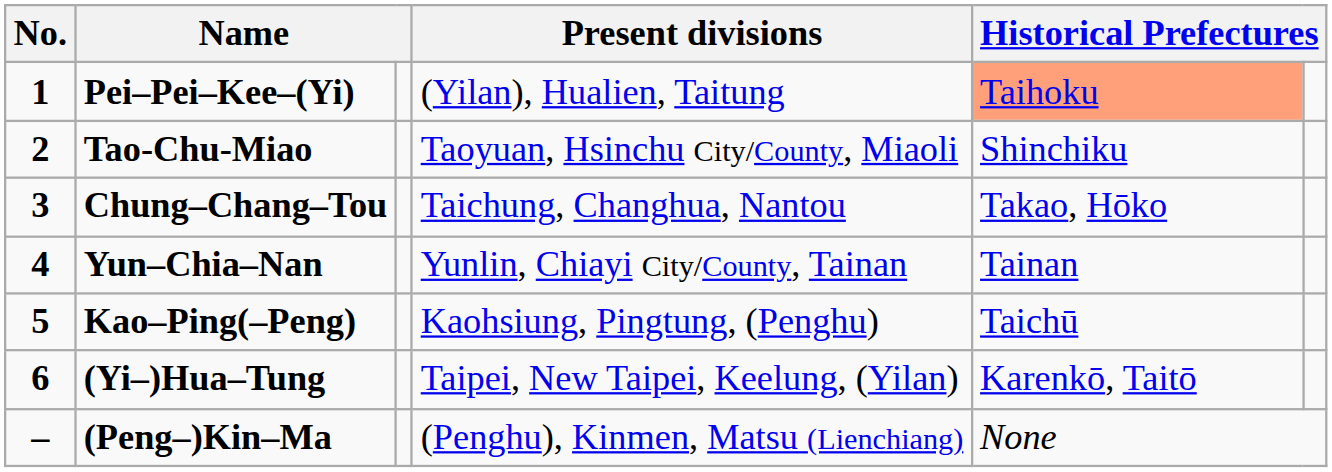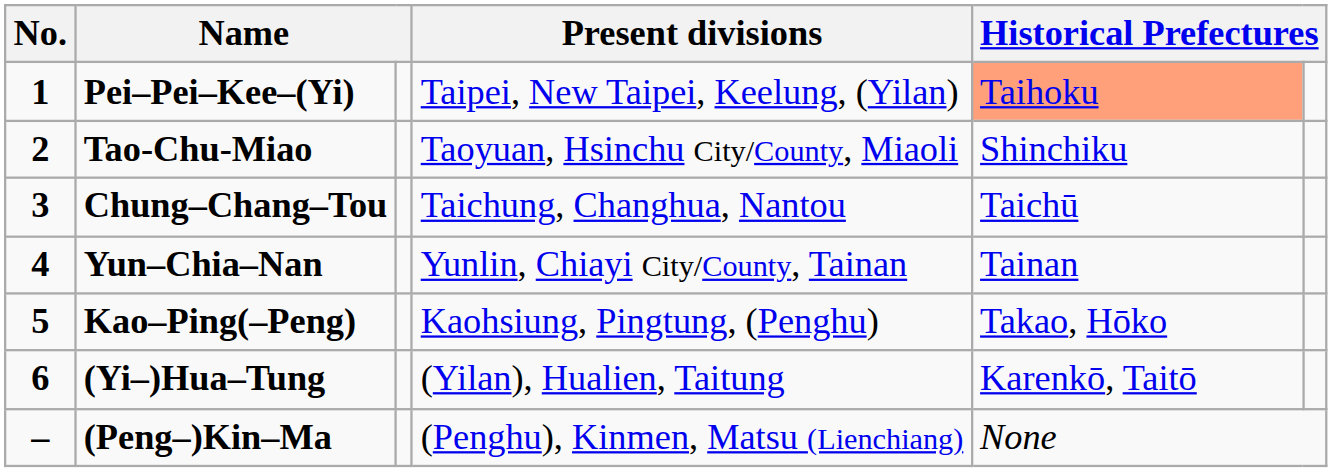 <table class=wikitable>
 <tr>
 <th>No.</th>
 <th colspan=2>Name</th>
 <th>Present divisions</th>
 <th colspan=2><a href='#'>Historical Prefectures</a></th>
 </tr>
 <tr>
 <td align=center><strong>1</strong></td>
 <td><strong>Pei–Pei–Kee–(Yi)</strong></td>
 <td align=center><span></span></td>
-<td>(<a href='#'>Yilan</a>), <a href='#'>Hualien</a>, <a href='#'>Taitung</a></td>
+<td><a href='#'>Taipei</a>, <a href='#'>New Taipei</a>, <a href='#'>Keelung</a>, (<a href='#'>Yilan</a>)</td>
 <td style="background: lightsalmon;"><a href='#'>Taihoku</a></td>
 <td align=center></td>
 </tr>
 <tr>
 <td align=center><strong>2</strong></td>
 <td><strong>Tao-Chu-Miao</strong></td>
 <td align=center><span></span></td>
 <td><a href='#'>Taoyuan</a>, <a href='#'>Hsinchu</a> <small>City/<a href='#'>County</a></small>, <a href='#'>Miaoli</a></td>
 <td><a href='#'>Shinchiku</a></td>
 <td align=center></td>
 </tr>
 <tr>
 <td align=center><strong>3</strong></td>
 <td><strong>Chung–Chang–Tou</strong></td>
 <td align=center><span></span></td>
 <td><a href='#'>Taichung</a>, <a href='#'>Changhua</a>, <a href='#'>Nantou</a></td>
-<td><a href='#'>Takao</a>, <a href='#'>Hōko</a></td>
+<td><a href='#'>Taichū</a></td>
 <td align=center></td>
 </tr>
 <tr>
 <td align=center><strong>4</strong></td>
 <td><strong>Yun–Chia–Nan</strong></td>
 <td align=center><span></span></td>
 <td><a href='#'>Yunlin</a>, <a href='#'>Chiayi</a> <small>City/<a href='#'>County</a></small>, <a href='#'>Tainan</a></td>
 <td><a href='#'>Tainan</a></td>
 <td align=center></td>
 </tr>
 <tr>
 <td align=center><strong>5</strong></td>
 <td><strong>Kao–Ping(–Peng)</strong></td>
 <td align=center><span></span></td>
 <td><a href='#'>Kaohsiung</a>, <a href='#'>Pingtung</a>, (<a href='#'>Penghu</a>)</td>
-<td><a href='#'>Taichū</a></td>
+<td><a href='#'>Takao</a>, <a href='#'>Hōko</a></td>
 <td align=center></td>
 </tr>
 <tr>
 <td align=center><strong>6</strong></td>
 <td><strong>(Yi–)Hua–Tung</strong></td>
 <td align=center><span></span></td>
-<td><a href='#'>Taipei</a>, <a href='#'>New Taipei</a>, <a href='#'>Keelung</a>, (<a href='#'>Yilan</a>)</td>
+<td>(<a href='#'>Yilan</a>), <a href='#'>Hualien</a>, <a href='#'>Taitung</a></td>
 <td><a href='#'>Karenkō</a>, <a href='#'>Taitō</a></td>
 <td align=center></td>
 </tr>
 <tr>
 <td align=center><strong>–</strong></td>
 <td><strong>(Peng–)Kin–Ma</strong></td>
 <td align=center><span></span></td>
 <td>(<a href='#'>Penghu</a>), <a href='#'>Kinmen</a>, <a href='#'>Matsu <small>(Lienchiang)</small></a></td>
 <td colspan=2><em>None</em></td>
 </tr>
 </table>
